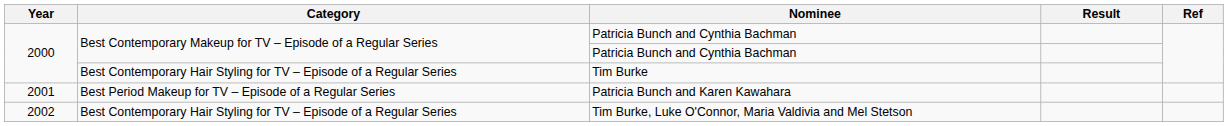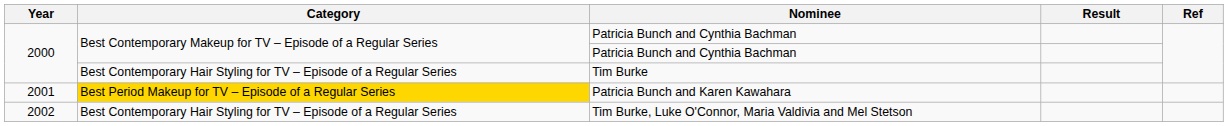 <table class="wikitable" style="width:100%;">
 <tr>
 <th style="width:6%;">Year</th>
 <th style="width:42%;">Category</th>
 <th style="width:37%;">Nominee</th>
 <th style="width:10%;">Result</th>
 <th style="width:5%;">Ref</th>
 </tr>
 <tr>
 <td rowspan="3" style="text-align:center;">2000</td>
 <td rowspan="2">Best Contemporary Makeup for TV – Episode of a Regular Series</td>
 <td>Patricia Bunch and Cynthia Bachman <br> </td>
 <td></td>
 <td rowspan="3" style="text-align:center;"></td>
 </tr>
 <tr>
 <td>Patricia Bunch and Cynthia Bachman <br> </td>
 <td></td>
 </tr>
 <tr>
 <td>Best Contemporary Hair Styling for TV – Episode of a Regular Series</td>
 <td>Tim Burke <br> </td>
 <td></td>
 </tr>
 <tr>
 <td style="text-align:center;">2001</td>
-<td>Best Period Makeup for TV – Episode of a Regular Series</td>
+<td style="background: gold;">Best Period Makeup for TV – Episode of a Regular Series</td>
 <td>Patricia Bunch and Karen Kawahara <br> </td>
 <td></td>
 <td style="text-align:center;"></td>
 </tr>
 <tr>
 <td style="text-align:center;">2002</td>
 <td>Best Contemporary Hair Styling for TV – Episode of a Regular Series</td>
 <td>Tim Burke, Luke O'Connor, Maria Valdivia and Mel Stetson <br> </td>
 <td></td>
 <td style="text-align:center;"></td>
 </tr>
 </table>
